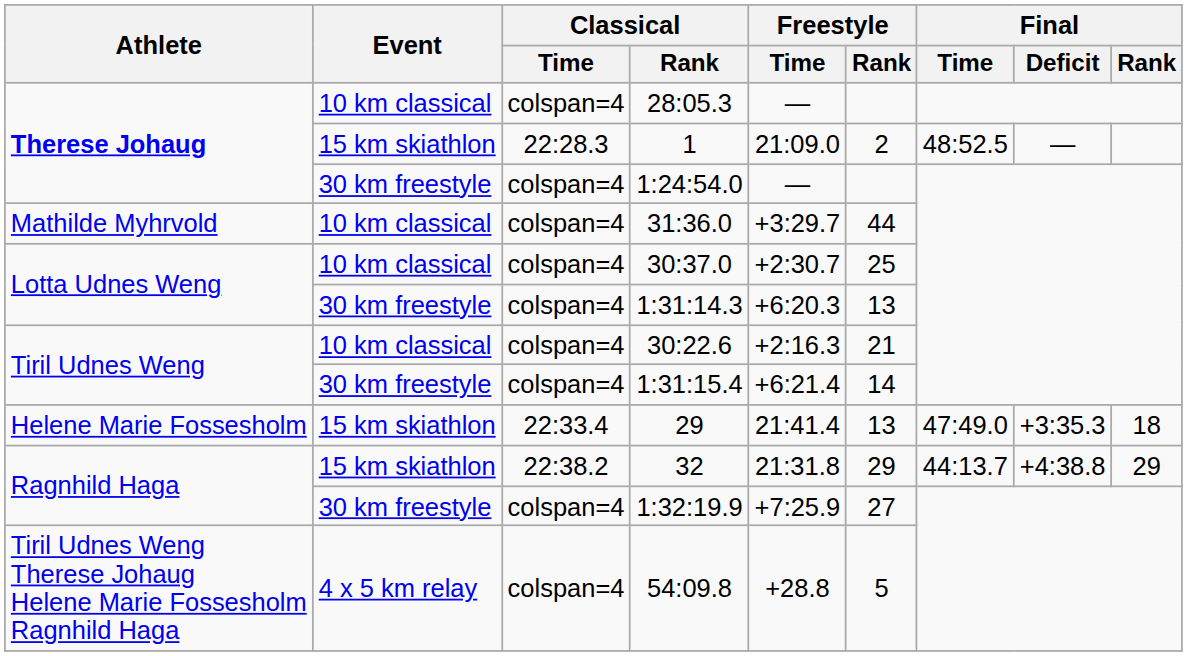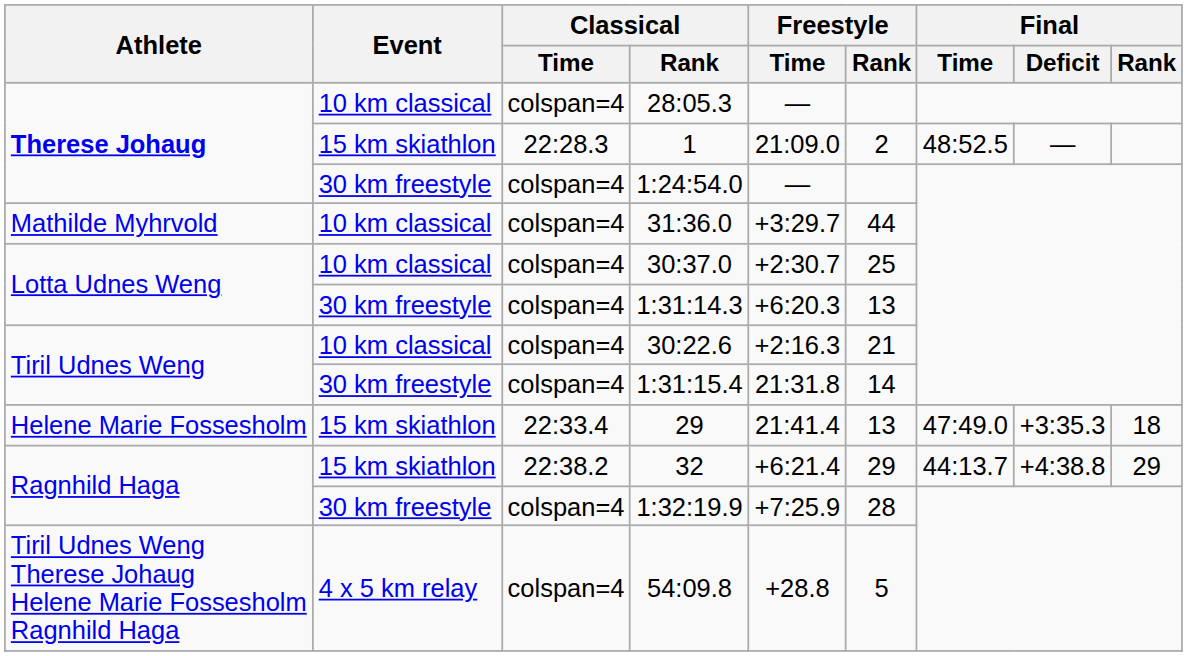 <table class=wikitable style="font-size:90%; text-align:center">
 <tr>
 <th rowspan=2>Athlete</th>
 <th rowspan=2>Event</th>
 <th colspan=2>Classical</th>
 <th colspan=2>Freestyle</th>
 <th colspan=3>Final</th>
 </tr>
 <tr style="font-size: 95%">
 <th>Time</th>
 <th>Rank</th>
 <th>Time</th>
 <th>Rank</th>
 <th>Time</th>
 <th>Deficit</th>
 <th>Rank</th>
 </tr>
 <tr>
 <td align=left rowspan=3><strong><a href='#'>Therese Johaug</a></strong></td>
 <td align=left><a href='#'>10 km classical</a></td>
 <td>colspan=4</td>
 <td>28:05.3</td>
 <td>—</td>
 <td></td>
 </tr>
 <tr>
 <td align=left><a href='#'>15 km skiathlon</a></td>
 <td>22:28.3</td>
 <td>1</td>
 <td>21:09.0</td>
 <td>2</td>
 <td>48:52.5</td>
 <td>—</td>
 <td></td>
 </tr>
 <tr>
 <td align=left><a href='#'>30 km freestyle</a></td>
 <td>colspan=4</td>
 <td>1:24:54.0</td>
 <td>—</td>
 <td></td>
 </tr>
 <tr>
 <td align=left rowspan=1><a href='#'>Mathilde Myhrvold</a></td>
 <td align=left><a href='#'>10 km classical</a></td>
 <td>colspan=4</td>
 <td>31:36.0</td>
 <td>+3:29.7</td>
 <td>44</td>
 </tr>
 <tr>
 <td align=left rowspan=2><a href='#'>Lotta Udnes Weng</a></td>
 <td align=left><a href='#'>10 km classical</a></td>
 <td>colspan=4</td>
 <td>30:37.0</td>
 <td>+2:30.7</td>
 <td>25</td>
 </tr>
 <tr>
 <td align=left><a href='#'>30 km freestyle</a></td>
 <td>colspan=4</td>
 <td>1:31:14.3</td>
 <td>+6:20.3</td>
 <td>13</td>
 </tr>
 <tr>
 <td align=left rowspan=2><a href='#'>Tiril Udnes Weng</a></td>
 <td align=left><a href='#'>10 km classical</a></td>
 <td>colspan=4</td>
 <td>30:22.6</td>
 <td>+2:16.3</td>
 <td>21</td>
 </tr>
 <tr>
 <td align=left><a href='#'>30 km freestyle</a></td>
 <td>colspan=4</td>
 <td>1:31:15.4</td>
-<td>+6:21.4</td>
+<td>21:31.8</td>
 <td>14</td>
 </tr>
 <tr>
 <td align=left rowspan=1><a href='#'>Helene Marie Fossesholm</a></td>
 <td align=left><a href='#'>15 km skiathlon</a></td>
 <td>22:33.4</td>
 <td>29</td>
 <td>21:41.4</td>
 <td>13</td>
 <td>47:49.0</td>
 <td>+3:35.3</td>
 <td>18</td>
 </tr>
 <tr>
 <td align=left rowspan=2><a href='#'>Ragnhild Haga</a></td>
 <td align=left><a href='#'>15 km skiathlon</a></td>
 <td>22:38.2</td>
 <td>32</td>
-<td>21:31.8</td>
+<td>+6:21.4</td>
 <td>29</td>
 <td>44:13.7</td>
 <td>+4:38.8</td>
 <td>29</td>
 </tr>
 <tr>
 <td align=left><a href='#'>30 km freestyle</a></td>
 <td>colspan=4</td>
 <td>1:32:19.9</td>
 <td>+7:25.9</td>
-<td>27</td>
+<td>28</td>
 </tr>
 <tr>
 <td align=left rowspan=1><a href='#'>Tiril Udnes Weng</a><br><a href='#'>Therese Johaug</a><br><a href='#'>Helene Marie Fossesholm</a><br><a href='#'>Ragnhild Haga</a></td>
 <td align=left><a href='#'>4 x 5 km relay</a></td>
 <td>colspan=4</td>
 <td>54:09.8</td>
 <td>+28.8</td>
 <td>5</td>
 </tr>
 </table>
